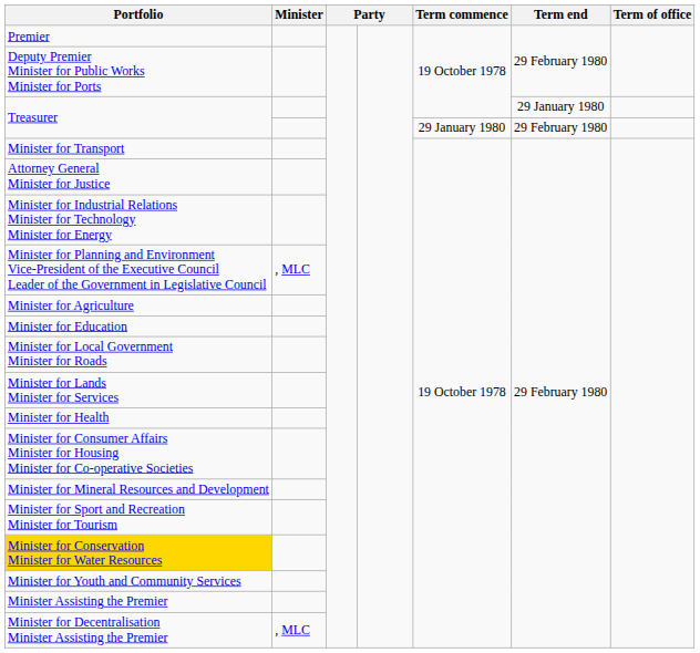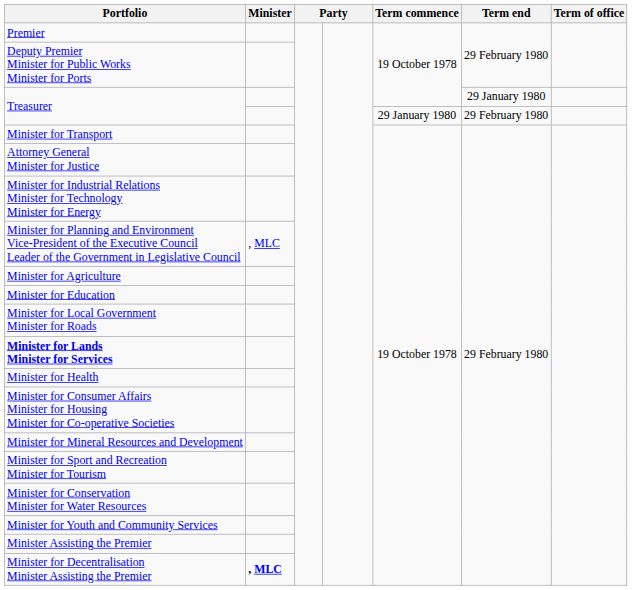 <table class="wikitable sortable">
 <tr>
 <th>Portfolio</th>
 <th>Minister</th>
 <th colspan="2">Party</th>
 <th>Term commence</th>
 <th>Term end</th>
 <th>Term of office</th>
 </tr>
 <tr>
 <td><a href='#'>Premier</a></td>
 <td></td>
 <td rowspan=20 > </td>
 <td rowspan=20 width=8%></td>
 <td rowspan=3 align=center>19 October 1978</td>
 <td rowspan=2 align=center>29 February 1980</td>
 <td rowspan=2 align=right></td>
 </tr>
 <tr>
 <td><a href='#'>Deputy Premier</a><br><a href='#'>Minister for Public Works</a><br><a href='#'>Minister for Ports</a></td>
 <td></td>
 </tr>
 <tr>
 <td rowspan=2><a href='#'>Treasurer</a></td>
 <td></td>
 <td align=center>29 January 1980</td>
 <td align=right></td>
 </tr>
 <tr>
 <td></td>
 <td align=center>29 January 1980</td>
 <td align=center>29 February 1980</td>
 <td align=right></td>
 </tr>
 <tr>
 <td><a href='#'>Minister for Transport</a></td>
 <td></td>
 <td rowspan=16 align=center>19 October 1978</td>
 <td rowspan=16 align=center>29 February 1980</td>
 <td rowspan=16 align=right></td>
 </tr>
 <tr>
 <td><a href='#'>Attorney General</a><br><a href='#'>Minister for Justice</a></td>
 <td></td>
 </tr>
 <tr>
 <td><a href='#'>Minister for Industrial Relations</a><br><a href='#'>Minister for Technology</a><br><a href='#'>Minister for Energy</a></td>
 <td></td>
 </tr>
 <tr>
 <td><a href='#'>Minister for Planning and Environment</a><br><a href='#'>Vice-President of the Executive Council</a><br><a href='#'>Leader of the Government in Legislative Council</a></td>
 <td>, <a href='#'>MLC</a></td>
 </tr>
 <tr>
 <td><a href='#'>Minister for Agriculture</a></td>
 <td></td>
 </tr>
 <tr>
 <td><a href='#'>Minister for Education</a></td>
 <td></td>
 </tr>
 <tr>
 <td><a href='#'>Minister for Local Government</a><br><a href='#'>Minister for Roads</a></td>
 <td></td>
 </tr>
 <tr>
-<td><a href='#'>Minister for Lands</a><br><a href='#'>Minister for Services</a></td>
+<td><strong><a href='#'>Minister for Lands</a><br><a href='#'>Minister for Services</a></strong></td>
 <td></td>
 </tr>
 <tr>
 <td><a href='#'>Minister for Health</a></td>
 <td></td>
 </tr>
 <tr>
 <td><a href='#'>Minister for Consumer Affairs</a><br><a href='#'>Minister for Housing</a><br><a href='#'>Minister for Co-operative Societies</a></td>
 <td></td>
 </tr>
 <tr>
 <td><a href='#'>Minister for Mineral Resources and Development</a></td>
 <td></td>
 </tr>
 <tr>
 <td><a href='#'>Minister for Sport and Recreation</a><br><a href='#'>Minister for Tourism</a></td>
 <td></td>
 </tr>
 <tr>
-<td style="background: gold;"><a href='#'>Minister for Conservation</a><br><a href='#'>Minister for Water Resources</a></td>
+<td><a href='#'>Minister for Conservation</a><br><a href='#'>Minister for Water Resources</a></td>
 <td></td>
 </tr>
 <tr>
 <td><a href='#'>Minister for Youth and Community Services</a></td>
 <td></td>
 </tr>
 <tr>
 <td><a href='#'>Minister Assisting the Premier</a></td>
 <td></td>
 </tr>
 <tr>
 <td><a href='#'>Minister for Decentralisation</a><br><a href='#'>Minister Assisting the Premier</a></td>
-<td>, <a href='#'>MLC</a></td>
+<td><strong>, <a href='#'>MLC</a></strong></td>
 </tr>
 </table>
